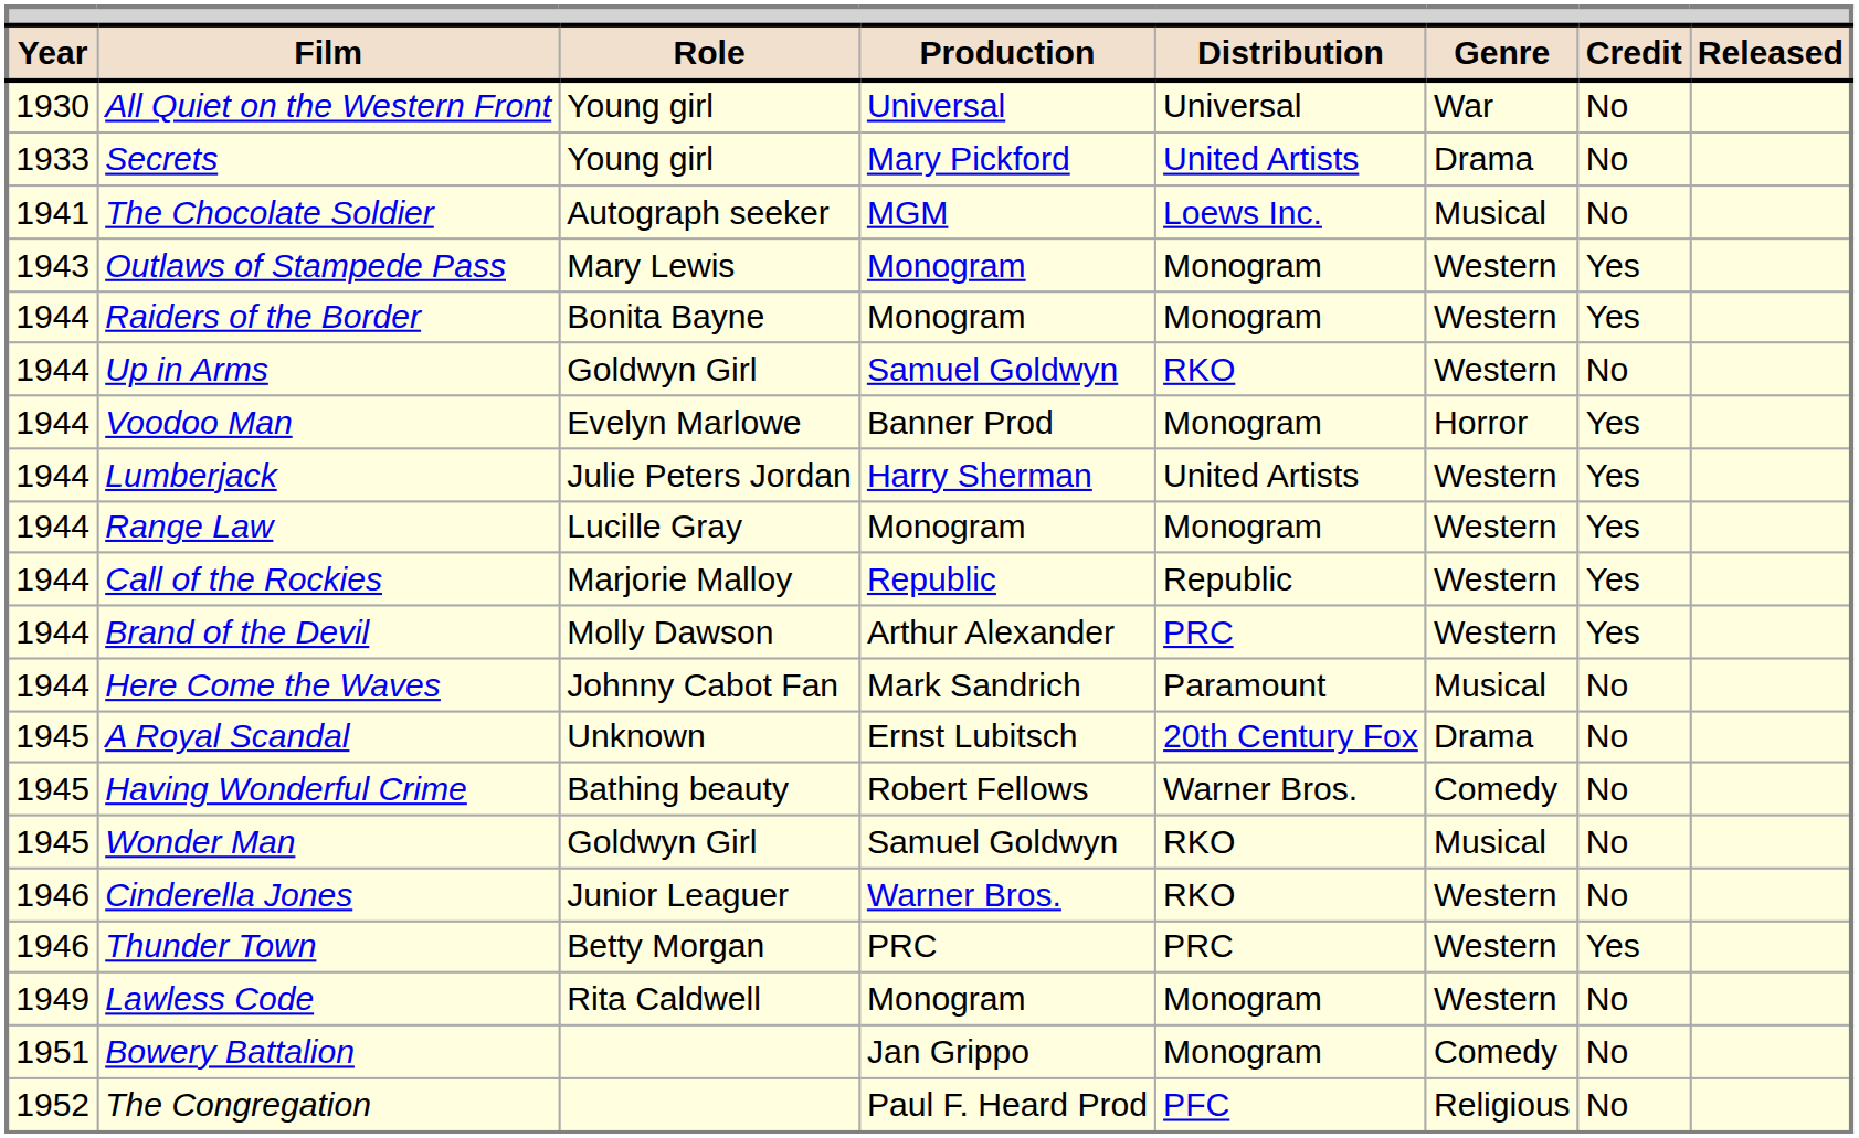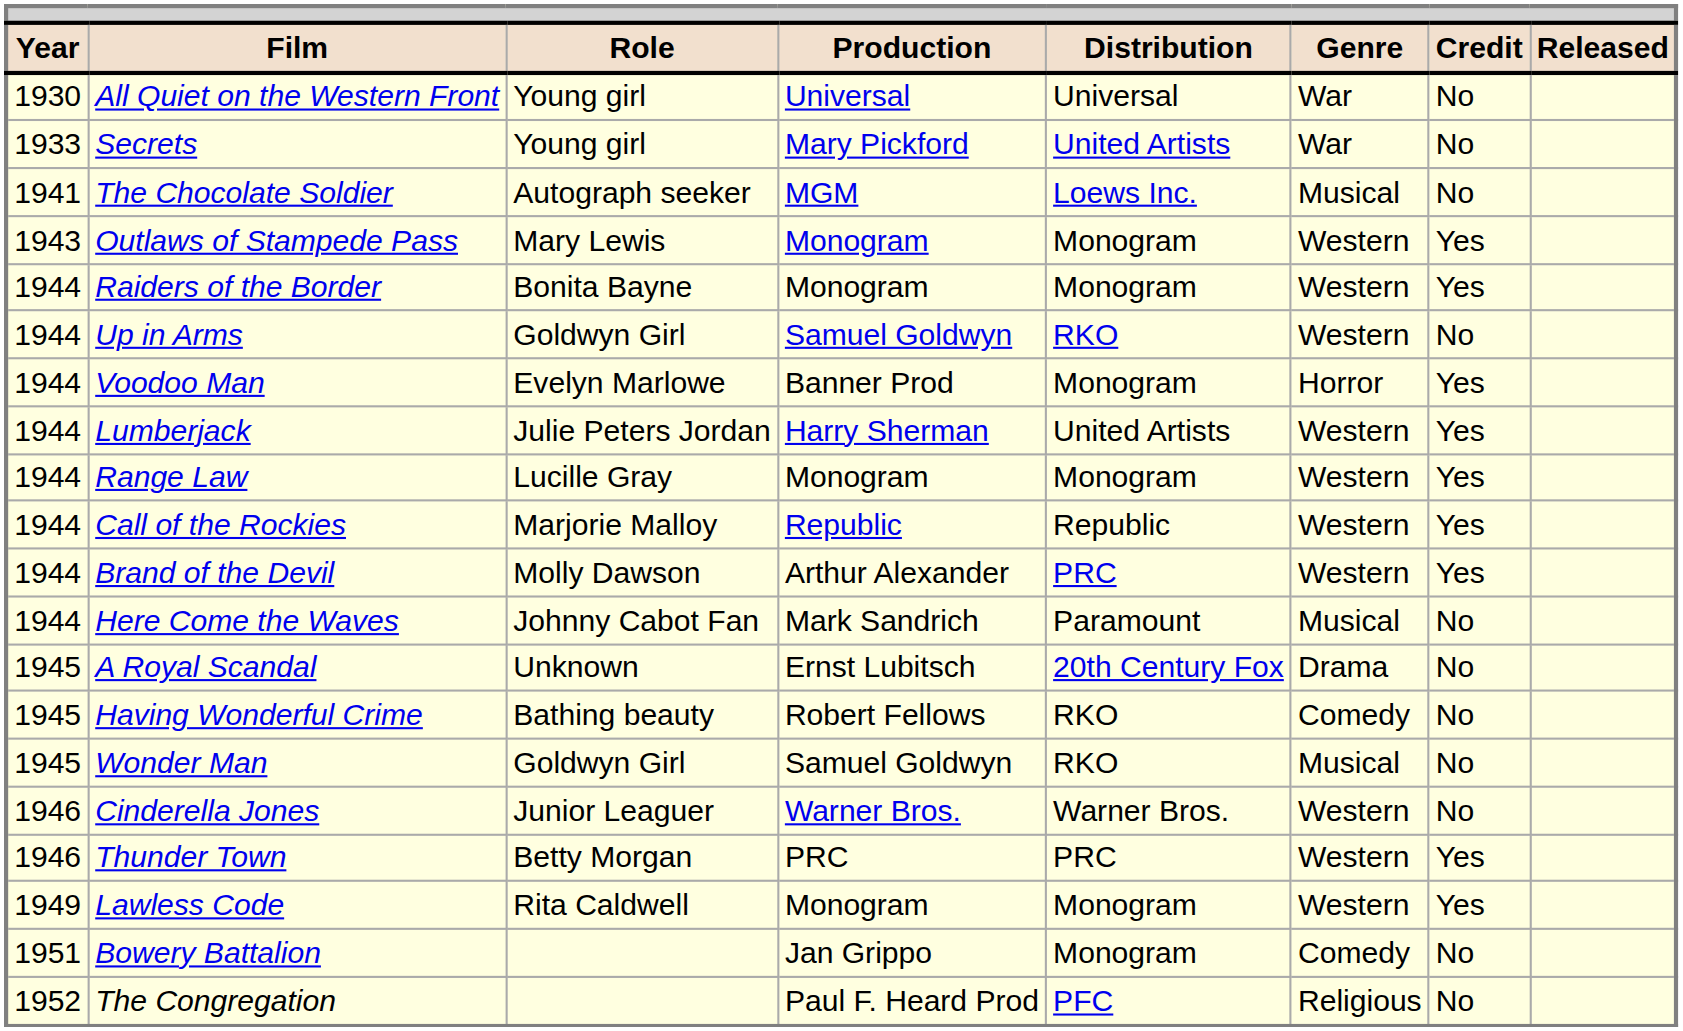 <table class="wikitable sortable mw-collapsible mw-collapsed" style="background:lightyellow; border:2px solid gray;font-size:90%">
 <tr>
 <th colspan="18" style="border:1px solid #808080;background:lightgrey;"></th>
 </tr>
 <tr>
 <th style="border-bottom:2px solid black;border-top:2px solid black;background:#F2E0CE">Year</th>
 <th style="border-bottom:2px solid black;border-top:2px solid black;background:#F2E0CE">Film</th>
 <th style="border-bottom:2px solid black;border-top:2px solid black;background:#F2E0CE">Role</th>
 <th style="border-bottom:2px solid black;border-top:2px solid black;background:#F2E0CE">Production</th>
 <th style="border-bottom:2px solid black;border-top:2px solid black;background:#F2E0CE">Distribution</th>
 <th style="border-bottom:2px solid black;border-top:2px solid black;background:#F2E0CE">Genre</th>
 <th style="border-bottom:2px solid black;border-top:2px solid black;background:#F2E0CE">Credit</th>
 <th style="border-bottom:2px solid black;border-top:2px solid black;background:#F2E0CE">Released</th>
 </tr>
 <tr>
 <td>1930</td>
 <td><em><a href='#'>All Quiet on the Western Front</a></em></td>
 <td>Young girl</td>
 <td><a href='#'>Universal</a></td>
 <td>Universal</td>
 <td>War</td>
 <td>No</td>
 <td></td>
 </tr>
 <tr>
 <td>1933</td>
 <td><em><a href='#'>Secrets</a></em></td>
 <td>Young girl</td>
 <td><a href='#'>Mary Pickford</a></td>
 <td><a href='#'>United Artists</a></td>
-<td>Drama</td>
+<td>War</td>
 <td>No</td>
 <td></td>
 </tr>
 <tr>
 <td>1941</td>
 <td><em><a href='#'>The Chocolate Soldier</a></em></td>
 <td>Autograph seeker</td>
 <td><a href='#'>MGM</a></td>
 <td><a href='#'>Loews Inc.</a></td>
 <td>Musical</td>
 <td>No</td>
 <td></td>
 </tr>
 <tr>
 <td>1943</td>
 <td><em><a href='#'>Outlaws of Stampede Pass</a></em></td>
 <td>Mary Lewis</td>
 <td><a href='#'>Monogram</a></td>
 <td>Monogram</td>
 <td>Western</td>
 <td>Yes</td>
 <td></td>
 </tr>
 <tr>
 <td>1944</td>
 <td><em><a href='#'>Raiders of the Border</a></em></td>
 <td>Bonita Bayne</td>
 <td>Monogram</td>
 <td>Monogram</td>
 <td>Western</td>
 <td>Yes</td>
 <td></td>
 </tr>
 <tr>
 <td>1944</td>
 <td><em><a href='#'>Up in Arms</a></em></td>
 <td>Goldwyn Girl</td>
 <td><a href='#'>Samuel Goldwyn</a></td>
 <td><a href='#'>RKO</a></td>
 <td>Western</td>
 <td>No</td>
 <td></td>
 </tr>
 <tr>
 <td>1944</td>
 <td><em><a href='#'>Voodoo Man</a></em></td>
 <td>Evelyn Marlowe</td>
 <td>Banner Prod</td>
 <td>Monogram</td>
 <td>Horror</td>
 <td>Yes</td>
 <td></td>
 </tr>
 <tr>
 <td>1944</td>
 <td><em><a href='#'>Lumberjack</a></em></td>
 <td>Julie Peters Jordan</td>
 <td><a href='#'>Harry Sherman</a></td>
 <td>United Artists</td>
 <td>Western</td>
 <td>Yes</td>
 <td></td>
 </tr>
 <tr>
 <td>1944</td>
 <td><em><a href='#'>Range Law</a></em></td>
 <td>Lucille Gray</td>
 <td>Monogram</td>
 <td>Monogram</td>
 <td>Western</td>
 <td>Yes</td>
 <td></td>
 </tr>
 <tr>
 <td>1944</td>
 <td><em><a href='#'>Call of the Rockies</a></em></td>
 <td>Marjorie Malloy</td>
 <td><a href='#'>Republic</a></td>
 <td>Republic</td>
 <td>Western</td>
 <td>Yes</td>
 <td></td>
 </tr>
 <tr>
 <td>1944</td>
 <td><em><a href='#'>Brand of the Devil</a></em></td>
 <td>Molly Dawson</td>
 <td>Arthur Alexander</td>
 <td><a href='#'>PRC</a></td>
 <td>Western</td>
 <td>Yes</td>
 <td></td>
 </tr>
 <tr>
 <td>1944</td>
 <td><em><a href='#'>Here Come the Waves</a></em></td>
 <td>Johnny Cabot Fan</td>
 <td>Mark Sandrich</td>
 <td>Paramount</td>
 <td>Musical</td>
 <td>No</td>
 <td></td>
 </tr>
 <tr>
 <td>1945</td>
 <td><em><a href='#'>A Royal Scandal</a></em></td>
 <td>Unknown</td>
 <td>Ernst Lubitsch</td>
 <td><a href='#'>20th Century Fox</a></td>
 <td>Drama</td>
 <td>No</td>
 <td></td>
 </tr>
 <tr>
 <td>1945</td>
 <td><em><a href='#'>Having Wonderful Crime</a></em></td>
 <td>Bathing beauty</td>
 <td>Robert Fellows</td>
-<td>Warner Bros.</td>
+<td>RKO</td>
 <td>Comedy</td>
 <td>No</td>
 <td></td>
 </tr>
 <tr>
 <td>1945</td>
 <td><em><a href='#'>Wonder Man</a></em></td>
 <td>Goldwyn Girl</td>
 <td>Samuel Goldwyn</td>
 <td>RKO</td>
 <td>Musical</td>
 <td>No</td>
 <td></td>
 </tr>
 <tr>
 <td>1946</td>
 <td><em><a href='#'>Cinderella Jones</a></em></td>
 <td>Junior Leaguer</td>
 <td><a href='#'>Warner Bros.</a></td>
-<td>RKO</td>
+<td>Warner Bros.</td>
 <td>Western</td>
 <td>No</td>
 <td></td>
 </tr>
 <tr>
 <td>1946</td>
 <td><em><a href='#'>Thunder Town</a></em></td>
 <td>Betty Morgan</td>
 <td>PRC</td>
 <td>PRC</td>
 <td>Western</td>
 <td>Yes</td>
 <td></td>
 </tr>
 <tr>
 <td>1949</td>
 <td><em><a href='#'>Lawless Code</a></em></td>
 <td>Rita Caldwell</td>
 <td>Monogram</td>
 <td>Monogram</td>
 <td>Western</td>
-<td>No</td>
+<td>Yes</td>
 <td></td>
 </tr>
 <tr>
 <td>1951</td>
 <td><em><a href='#'>Bowery Battalion</a></em></td>
 <td></td>
 <td>Jan Grippo</td>
 <td>Monogram</td>
 <td>Comedy</td>
 <td>No</td>
 <td></td>
 </tr>
 <tr>
 <td>1952</td>
 <td><em>The Congregation</em></td>
 <td></td>
 <td>Paul F. Heard Prod</td>
 <td><a href='#'>PFC</a></td>
 <td>Religious</td>
 <td>No</td>
 <td></td>
 </tr>
 </table>
